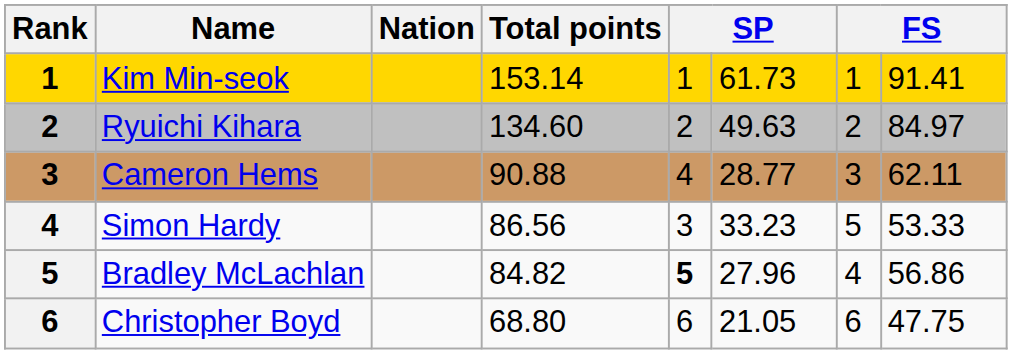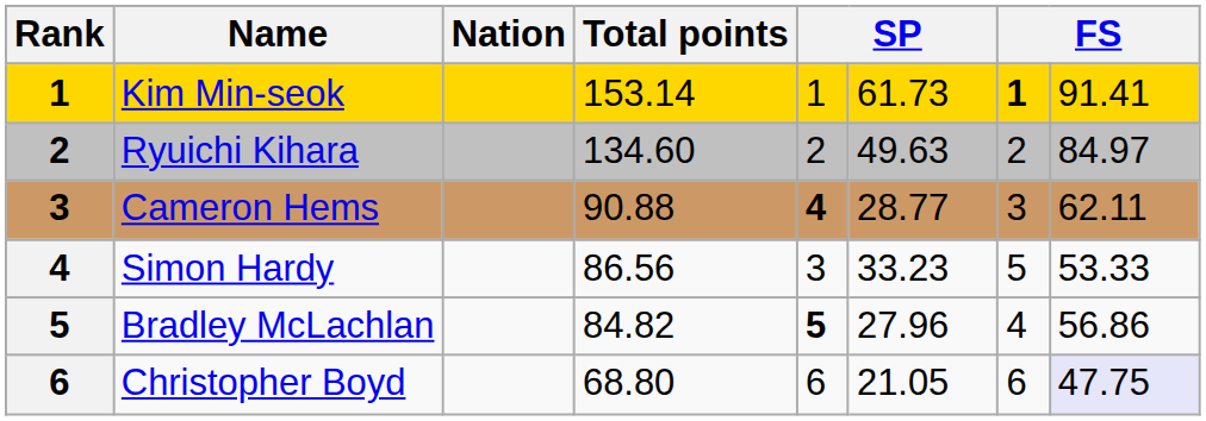 <table class="wikitable sortable">
 <tr>
 <th>Rank</th>
 <th>Name</th>
 <th>Nation</th>
 <th>Total points</th>
 <th colspan="2" width="80px"><a href='#'>SP</a></th>
 <th colspan="2" width="80px"><a href='#'>FS</a></th>
 </tr>
 <tr bgcolor="gold">
 <td align="center"><strong>1</strong></td>
 <td><a href='#'>Kim Min-seok</a></td>
 <td></td>
 <td>153.14</td>
 <td>1</td>
 <td>61.73</td>
-<td>1</td>
+<td><strong>1</strong></td>
 <td>91.41</td>
 </tr>
 <tr bgcolor="silver">
 <td align="center"><strong>2</strong></td>
 <td><a href='#'>Ryuichi Kihara</a></td>
 <td></td>
 <td>134.60</td>
 <td>2</td>
 <td>49.63</td>
 <td>2</td>
 <td>84.97</td>
 </tr>
 <tr bgcolor="cc9966">
 <td align="center"><strong>3</strong></td>
 <td><a href='#'>Cameron Hems</a></td>
 <td></td>
 <td>90.88</td>
-<td>4</td>
+<td><strong>4</strong></td>
 <td>28.77</td>
 <td>3</td>
 <td>62.11</td>
 </tr>
 <tr>
 <th>4</th>
 <td><a href='#'>Simon Hardy</a></td>
 <td></td>
 <td>86.56</td>
 <td>3</td>
 <td>33.23</td>
 <td>5</td>
 <td>53.33</td>
 </tr>
 <tr>
 <th>5</th>
 <td><a href='#'>Bradley McLachlan</a></td>
 <td></td>
 <td>84.82</td>
 <td><strong>5</strong></td>
 <td>27.96</td>
 <td>4</td>
 <td>56.86</td>
 </tr>
 <tr>
 <th>6</th>
 <td><a href='#'>Christopher Boyd</a></td>
 <td></td>
 <td>68.80</td>
 <td>6</td>
 <td>21.05</td>
 <td>6</td>
-<td>47.75</td>
+<td style="background: lavender;">47.75</td>
 </tr>
 </table>
